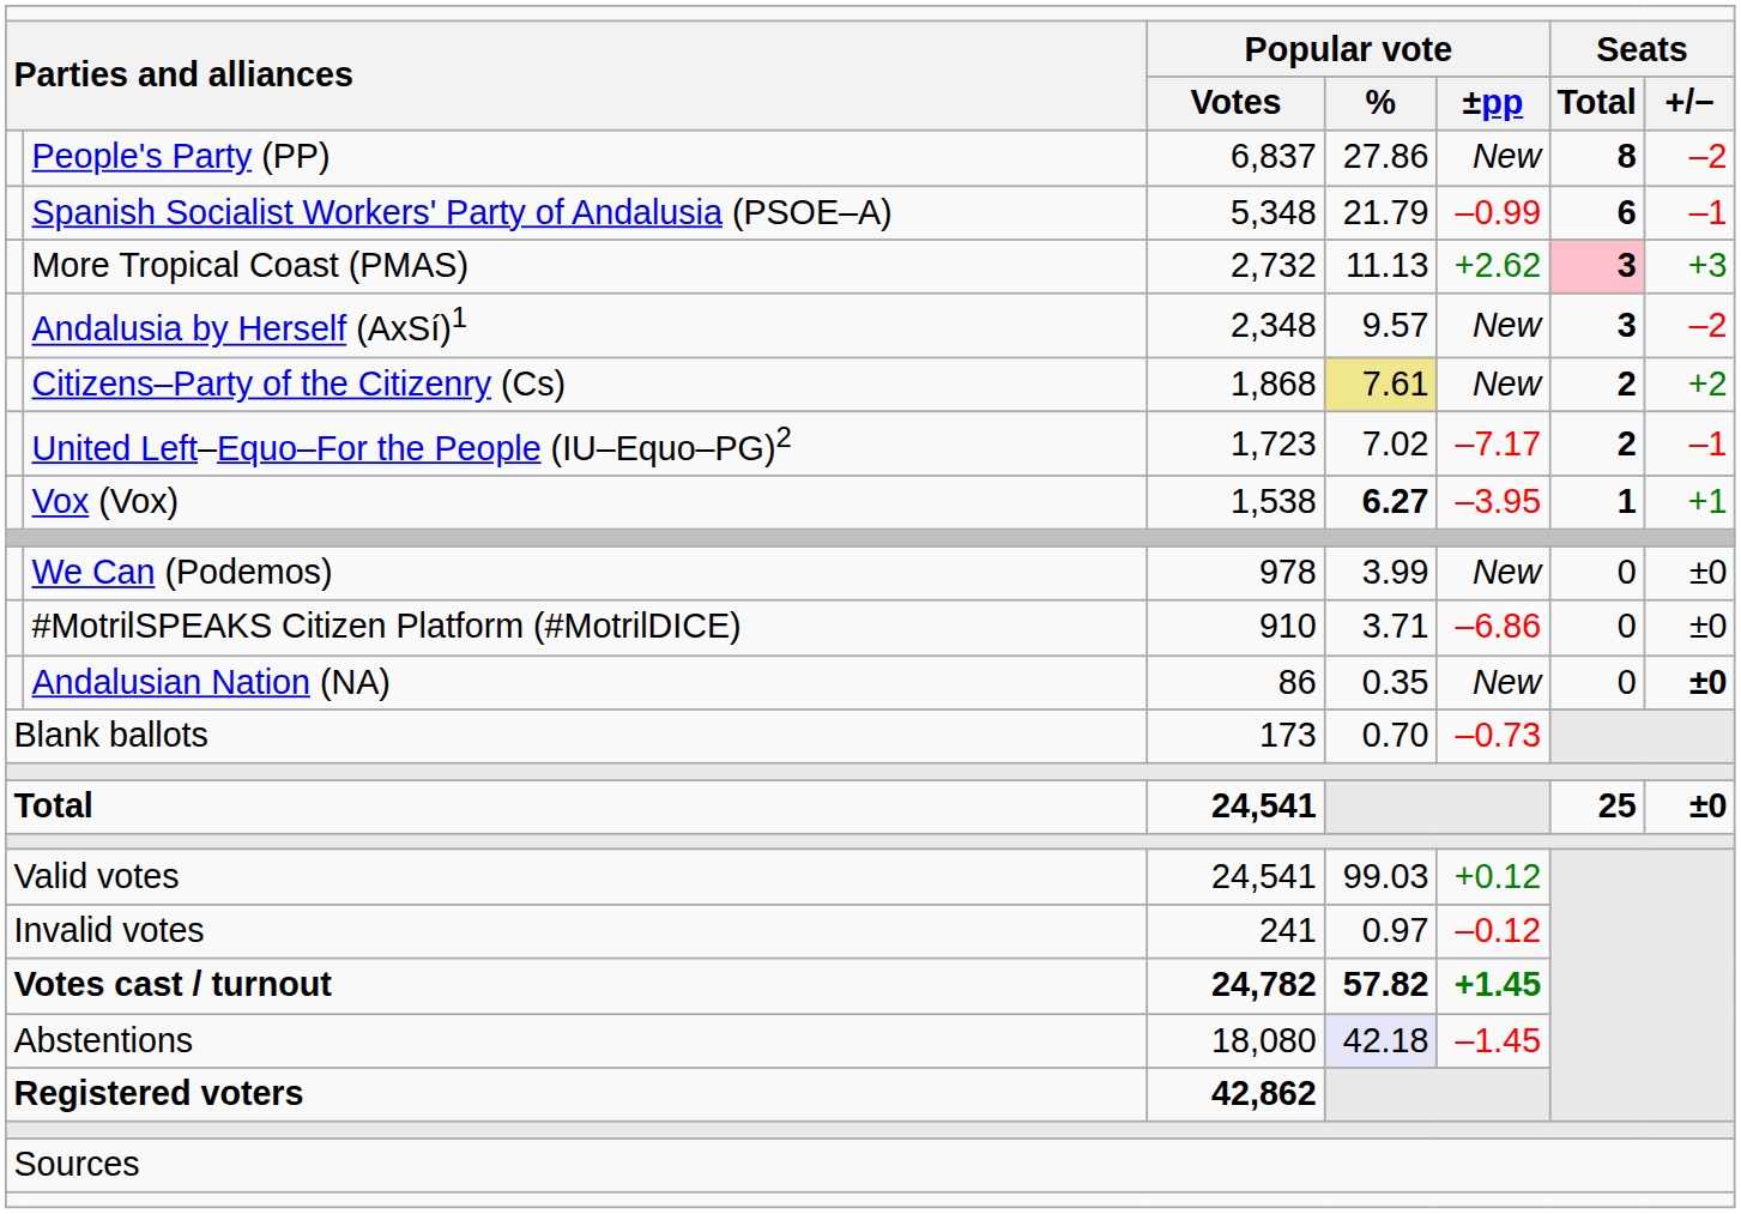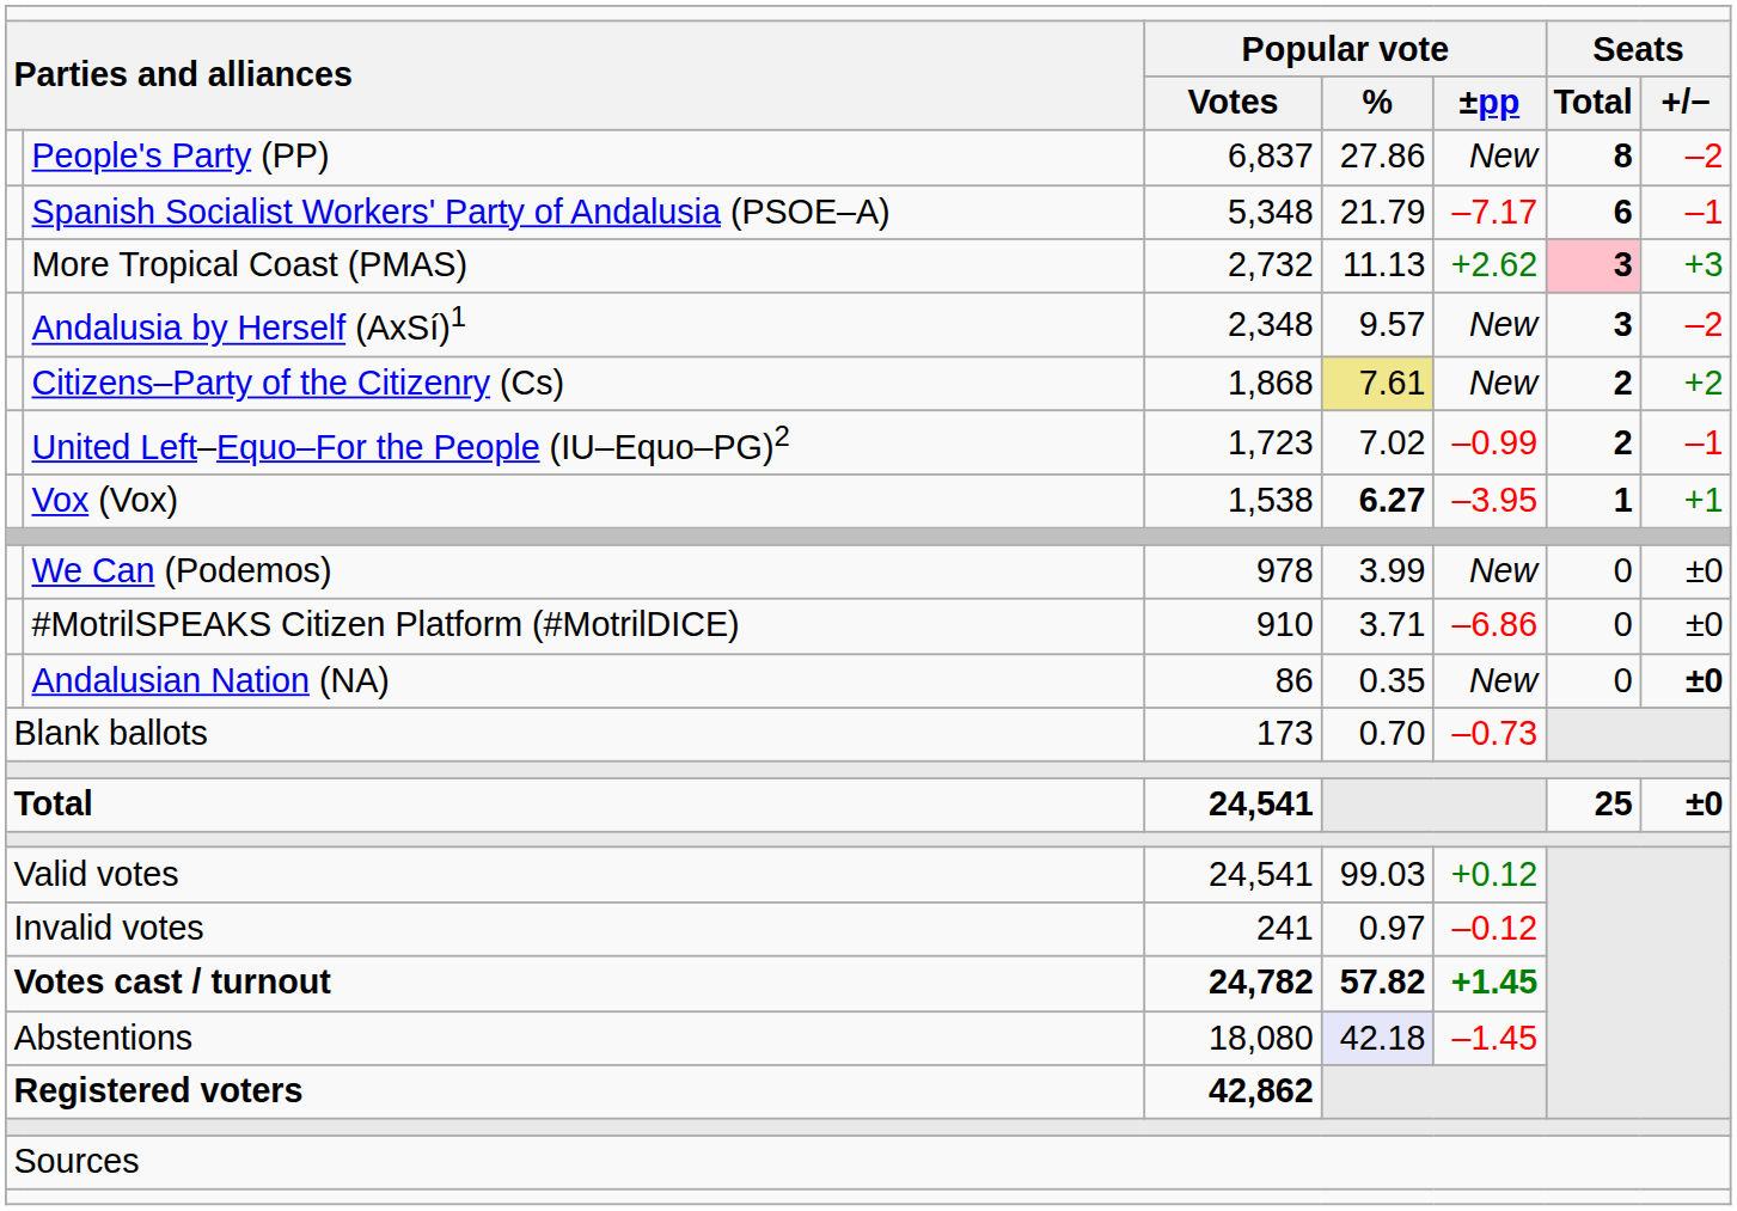 <table class="wikitable" style="text-align:right;">
 <tr>
 <td colspan="7"></td>
 </tr>
 <tr>
 <th style="text-align:left;" rowspan="2" colspan="2" width="525">Parties and alliances</th>
 <th colspan="3">Popular vote</th>
 <th colspan="2">Seats</th>
 </tr>
 <tr>
 <th width="75">Votes</th>
 <th width="45">%</th>
 <th width="45">±<a href='#'>pp</a></th>
 <th width="35">Total</th>
 <th width="35">+/−</th>
 </tr>
 <tr>
 <td width="1" style="color:inherit;background:"></td>
 <td align="left"><a href='#'>People's Party</a> (PP)</td>
 <td>6,837</td>
 <td>27.86</td>
 <td><em>New</em></td>
 <td><strong>8</strong></td>
 <td style="color:red;">–2</td>
 </tr>
 <tr>
 <td style="color:inherit;background:"></td>
 <td align="left"><a href='#'>Spanish Socialist Workers' Party of Andalusia</a> (PSOE–A)</td>
 <td>5,348</td>
 <td>21.79</td>
-<td style="color:red;">–0.99</td>
+<td style="color:red;">–7.17</td>
 <td><strong>6</strong></td>
 <td style="color:red;">–1</td>
 </tr>
 <tr>
 <td style="color:inherit;background:"></td>
 <td align="left">More Tropical Coast (PMAS)</td>
 <td>2,732</td>
 <td>11.13</td>
 <td style="color:green;">+2.62</td>
 <td style="background: pink;"><strong>3</strong></td>
 <td style="color:green;">+3</td>
 </tr>
 <tr>
 <td style="color:inherit;background:"></td>
 <td align="left"><a href='#'>Andalusia by Herself</a> (AxSí)<sup>1</sup></td>
 <td>2,348</td>
 <td>9.57</td>
 <td><em>New</em></td>
 <td><strong>3</strong></td>
 <td style="color:red;">–2</td>
 </tr>
 <tr>
 <td style="color:inherit;background:"></td>
 <td align="left"><a href='#'>Citizens–Party of the Citizenry</a> (Cs)</td>
 <td>1,868</td>
 <td style="background: khaki;">7.61</td>
 <td><em>New</em></td>
 <td><strong>2</strong></td>
 <td style="color:green;">+2</td>
 </tr>
 <tr>
 <td style="color:inherit;background:"></td>
 <td align="left"><a href='#'>United Left</a>–<a href='#'>Equo–For the People</a> (IU–Equo–PG)<sup>2</sup></td>
 <td>1,723</td>
 <td>7.02</td>
-<td style="color:red;">–7.17</td>
+<td style="color:red;">–0.99</td>
 <td><strong>2</strong></td>
 <td style="color:red;">–1</td>
 </tr>
 <tr>
 <td style="color:inherit;background:"></td>
 <td align="left"><a href='#'>Vox</a> (Vox)</td>
 <td>1,538</td>
 <td><strong>6.27</strong></td>
 <td style="color:red;">–3.95</td>
 <td><strong>1</strong></td>
 <td style="color:green;">+1</td>
 </tr>
 <tr>
 <td colspan="7" bgcolor="#C0C0C0"></td>
 </tr>
 <tr>
 <td style="color:inherit;background:"></td>
 <td align="left"><a href='#'>We Can</a> (Podemos)</td>
 <td>978</td>
 <td>3.99</td>
 <td><em>New</em></td>
 <td>0</td>
 <td>±0</td>
 </tr>
 <tr>
 <td style="color:inherit;background:"></td>
 <td align="left">#MotrilSPEAKS Citizen Platform (#MotrilDICE)</td>
 <td>910</td>
 <td>3.71</td>
 <td style="color:red;">–6.86</td>
 <td>0</td>
 <td>±0</td>
 </tr>
 <tr>
 <td style="color:inherit;background:"></td>
 <td align="left"><a href='#'>Andalusian Nation</a> (NA)</td>
 <td>86</td>
 <td>0.35</td>
 <td><em>New</em></td>
 <td>0</td>
 <td><strong>±0</strong></td>
 </tr>
 <tr>
 <td align="left" colspan="2">Blank ballots</td>
 <td>173</td>
 <td>0.70</td>
 <td style="color:red;">–0.73</td>
 <td bgcolor="#E9E9E9" colspan="2"></td>
 </tr>
 <tr>
 <td colspan="7" bgcolor="#E9E9E9"></td>
 </tr>
 <tr style="font-weight:bold;">
 <td align="left" colspan="2">Total</td>
 <td>24,541</td>
 <td bgcolor="#E9E9E9" colspan="2"></td>
 <td>25</td>
 <td>±0</td>
 </tr>
 <tr>
 <td colspan="7" bgcolor="#E9E9E9"></td>
 </tr>
 <tr>
 <td align="left" colspan="2">Valid votes</td>
 <td>24,541</td>
 <td>99.03</td>
 <td style="color:green;">+0.12</td>
 <td bgcolor="#E9E9E9" colspan="2" rowspan="5"></td>
 </tr>
 <tr>
 <td align="left" colspan="2">Invalid votes</td>
 <td>241</td>
 <td>0.97</td>
 <td style="color:red;">–0.12</td>
 </tr>
 <tr style="font-weight:bold;">
 <td align="left" colspan="2">Votes cast / turnout</td>
 <td>24,782</td>
 <td>57.82</td>
 <td style="color:green;">+1.45</td>
 </tr>
 <tr>
 <td align="left" colspan="2">Abstentions</td>
 <td>18,080</td>
 <td style="background: lavender;">42.18</td>
 <td style="color:red;">–1.45</td>
 </tr>
 <tr style="font-weight:bold;">
 <td align="left" colspan="2">Registered voters</td>
 <td>42,862</td>
 <td bgcolor="#E9E9E9" colspan="2"></td>
 </tr>
 <tr>
 <td colspan="7" bgcolor="#E9E9E9"></td>
 </tr>
 <tr>
 <td align="left" colspan="7">Sources</td>
 </tr>
 <tr>
 <td colspan="7" style="text-align:left; max-width:790px;"></td>
 </tr>
 </table>
